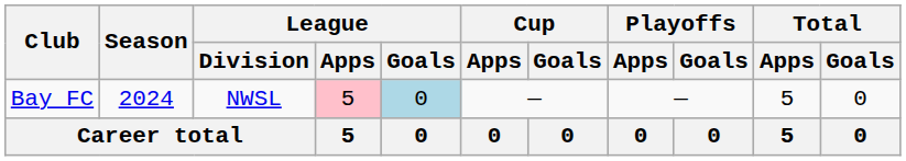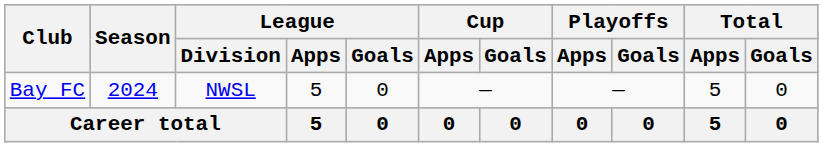 <table class="wikitable" style="text-align: center;">
 <tr>
 <th rowspan="2">Club</th>
 <th rowspan="2">Season</th>
 <th colspan="3">League</th>
 <th colspan="2">Cup</th>
 <th colspan="2">Playoffs</th>
 <th colspan="2">Total</th>
 </tr>
 <tr>
 <th>Division</th>
 <th>Apps</th>
 <th>Goals</th>
 <th>Apps</th>
 <th>Goals</th>
 <th>Apps</th>
 <th>Goals</th>
 <th>Apps</th>
 <th>Goals</th>
 </tr>
 <tr>
 <td><a href='#'>Bay FC</a></td>
 <td><a href='#'>2024</a></td>
 <td><a href='#'>NWSL</a></td>
-<td style="background: pink;">5</td>
-<td style="background: lightblue;">0</td>
+<td>5</td>
+<td>0</td>
 <td colspan="2">—</td>
 <td colspan="2">—</td>
 <td>5</td>
 <td>0</td>
 </tr>
 <tr>
 <th colspan="3">Career total</th>
 <th>5</th>
 <th>0</th>
 <th>0</th>
 <th>0</th>
 <th>0</th>
 <th>0</th>
 <th>5</th>
 <th>0</th>
 </tr>
 </table>
